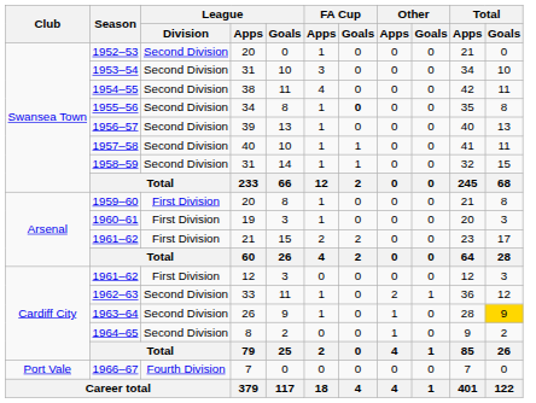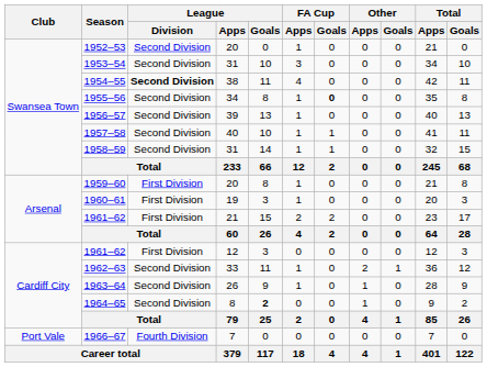 <table class="wikitable" style="text-align: center;">
 <tr>
 <th rowspan="2">Club</th>
 <th rowspan="2">Season</th>
 <th colspan="3">League</th>
 <th colspan="2">FA Cup</th>
 <th colspan="2">Other</th>
 <th colspan="2">Total</th>
 </tr>
 <tr>
 <th>Division</th>
 <th>Apps</th>
 <th>Goals</th>
 <th>Apps</th>
 <th>Goals</th>
 <th>Apps</th>
 <th>Goals</th>
 <th>Apps</th>
 <th>Goals</th>
 </tr>
 <tr>
 <td rowspan="8"><a href='#'>Swansea Town</a></td>
 <td><a href='#'>1952–53</a></td>
 <td><a href='#'>Second Division</a></td>
 <td>20</td>
 <td>0</td>
 <td>1</td>
 <td>0</td>
 <td>0</td>
 <td>0</td>
 <td>21</td>
 <td>0</td>
 </tr>
 <tr>
 <td><a href='#'>1953–54</a></td>
 <td>Second Division</td>
 <td>31</td>
 <td>10</td>
 <td>3</td>
 <td>0</td>
 <td>0</td>
 <td>0</td>
 <td>34</td>
 <td>10</td>
 </tr>
 <tr>
 <td><a href='#'>1954–55</a></td>
-<td>Second Division</td>
+<td><strong>Second Division</strong></td>
 <td>38</td>
 <td>11</td>
 <td>4</td>
 <td>0</td>
 <td>0</td>
 <td>0</td>
 <td>42</td>
 <td>11</td>
 </tr>
 <tr>
 <td><a href='#'>1955–56</a></td>
 <td>Second Division</td>
 <td>34</td>
 <td>8</td>
 <td>1</td>
 <td><strong>0</strong></td>
 <td>0</td>
 <td>0</td>
 <td>35</td>
 <td>8</td>
 </tr>
 <tr>
 <td><a href='#'>1956–57</a></td>
 <td>Second Division</td>
 <td>39</td>
 <td>13</td>
 <td>1</td>
 <td>0</td>
 <td>0</td>
 <td>0</td>
 <td>40</td>
 <td>13</td>
 </tr>
 <tr>
 <td><a href='#'>1957–58</a></td>
 <td>Second Division</td>
 <td>40</td>
 <td>10</td>
 <td>1</td>
 <td>1</td>
 <td>0</td>
 <td>0</td>
 <td>41</td>
 <td>11</td>
 </tr>
 <tr>
 <td><a href='#'>1958–59</a></td>
 <td>Second Division</td>
 <td>31</td>
 <td>14</td>
 <td>1</td>
 <td>1</td>
 <td>0</td>
 <td>0</td>
 <td>32</td>
 <td>15</td>
 </tr>
 <tr>
 <th colspan="2">Total</th>
 <th>233</th>
 <th>66</th>
 <th>12</th>
 <th>2</th>
 <th>0</th>
 <th>0</th>
 <th>245</th>
 <th>68</th>
 </tr>
 <tr>
 <td rowspan="4"><a href='#'>Arsenal</a></td>
 <td><a href='#'>1959–60</a></td>
 <td><a href='#'>First Division</a></td>
 <td>20</td>
 <td>8</td>
 <td>1</td>
 <td>0</td>
 <td>0</td>
 <td>0</td>
 <td>21</td>
 <td>8</td>
 </tr>
 <tr>
 <td><a href='#'>1960–61</a></td>
 <td>First Division</td>
 <td>19</td>
 <td>3</td>
 <td>1</td>
 <td>0</td>
 <td>0</td>
 <td>0</td>
 <td>20</td>
 <td>3</td>
 </tr>
 <tr>
 <td><a href='#'>1961–62</a></td>
 <td>First Division</td>
 <td>21</td>
 <td>15</td>
 <td>2</td>
 <td>2</td>
 <td>0</td>
 <td>0</td>
 <td>23</td>
 <td>17</td>
 </tr>
 <tr>
 <th colspan="2">Total</th>
 <th>60</th>
 <th>26</th>
 <th>4</th>
 <th>2</th>
 <th>0</th>
 <th>0</th>
 <th>64</th>
 <th>28</th>
 </tr>
 <tr>
 <td rowspan="5"><a href='#'>Cardiff City</a></td>
 <td><a href='#'>1961–62</a></td>
 <td>First Division</td>
 <td>12</td>
 <td>3</td>
 <td>0</td>
 <td>0</td>
 <td>0</td>
 <td>0</td>
 <td>12</td>
 <td>3</td>
 </tr>
 <tr>
 <td><a href='#'>1962–63</a></td>
 <td>Second Division</td>
 <td>33</td>
 <td>11</td>
 <td>1</td>
 <td>0</td>
 <td>2</td>
 <td>1</td>
 <td>36</td>
 <td>12</td>
 </tr>
 <tr>
 <td><a href='#'>1963–64</a></td>
 <td>Second Division</td>
 <td>26</td>
 <td>9</td>
 <td>1</td>
 <td>0</td>
 <td>1</td>
 <td>0</td>
 <td>28</td>
-<td style="background: gold;">9</td>
+<td>9</td>
 </tr>
 <tr>
 <td><a href='#'>1964–65</a></td>
 <td>Second Division</td>
 <td>8</td>
-<td>2</td>
+<td><strong>2</strong></td>
 <td>0</td>
 <td>0</td>
 <td>1</td>
 <td>0</td>
 <td>9</td>
 <td>2</td>
 </tr>
 <tr>
 <th colspan="2">Total</th>
 <th>79</th>
 <th>25</th>
 <th>2</th>
 <th>0</th>
 <th>4</th>
 <th>1</th>
 <th>85</th>
 <th>26</th>
 </tr>
 <tr>
 <td><a href='#'>Port Vale</a></td>
 <td><a href='#'>1966–67</a></td>
 <td><a href='#'>Fourth Division</a></td>
 <td>7</td>
 <td>0</td>
 <td>0</td>
 <td>0</td>
 <td>0</td>
 <td>0</td>
 <td>7</td>
 <td>0</td>
 </tr>
 <tr>
 <th colspan="3">Career total</th>
 <th>379</th>
 <th>117</th>
 <th>18</th>
 <th>4</th>
 <th>4</th>
 <th>1</th>
 <th>401</th>
 <th>122</th>
 </tr>
 </table>
